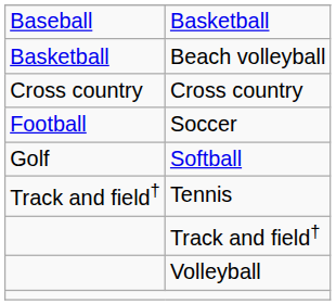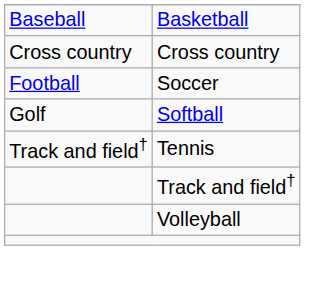 <table class="wikitable" style= " ">
 <tr>
 </tr>
 <tr>
 <td><a href='#'>Baseball</a></td>
 <td><a href='#'>Basketball</a></td>
-</tr>
-<tr>
-<td><a href='#'>Basketball</a></td>
-<td>Beach volleyball</td>
 </tr>
 <tr>
 <td>Cross country</td>
 <td>Cross country</td>
 </tr>
 <tr>
 <td><a href='#'>Football</a></td>
 <td>Soccer</td>
 </tr>
 <tr>
 <td>Golf</td>
 <td><a href='#'>Softball</a></td>
 </tr>
 <tr>
 <td>Track and field<sup>†</sup></td>
 <td>Tennis</td>
 </tr>
 <tr>
 <td></td>
 <td>Track and field<sup>†</sup></td>
 </tr>
 <tr>
 <td></td>
 <td>Volleyball</td>
 </tr>
 <tr>
 <td colspan="2"></td>
 </tr>
 </table>
